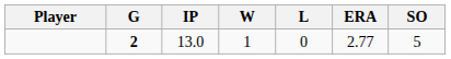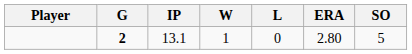 <table class="wikitable sortable">
 <tr>
 <th bgcolor="#DDDDFF" width="16%">Player</th>
 <th bgcolor="#DDDDFF" width="9%">G</th>
 <th bgcolor="#DDDDFF" width="9%">IP</th>
 <th bgcolor="#DDDDFF" width="9%">W</th>
 <th bgcolor="#DDDDFF" width="9%">L</th>
 <th bgcolor="#DDDDFF" width="9%">ERA</th>
 <th bgcolor="#DDDDFF" width="9%">SO</th>
 </tr>
 <tr align="center">
 <td></td>
 <td><strong>2</strong></td>
-<td>13.0</td>
+<td>13.1</td>
 <td>1</td>
 <td>0</td>
-<td>2.77</td>
+<td>2.80</td>
 <td>5</td>
 </tr>
 </table>
